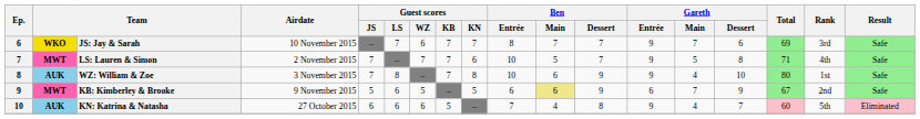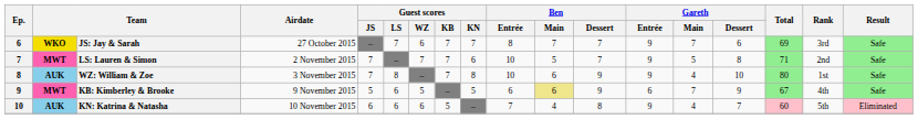 <table class="wikitable" style="text-align: center; font-size: 9pt; line-height:16px; width:100%">
 <tr>
 <th scope="col" rowspan="2">Ep.</th>
 <th colspan="2" rowspan="2">Team</th>
 <th scope="col" rowspan="2">Airdate</th>
 <th colspan="5" scope="col">Guest scores</th>
 <th scope="col" colspan="3"><a href='#'>Ben</a></th>
 <th scope="col" colspan="3"><a href='#'>Gareth</a></th>
 <th scope="col" rowspan="2">Total<br><small></small></th>
 <th rowspan="2">Rank</th>
 <th scope="col" rowspan="2">Result</th>
 </tr>
 <tr>
 <th scope="col" style="width:2.5em;">JS</th>
 <th scope="col" style="width:2.5em;">LS</th>
 <th scope="col" style="width:2.5em;">WZ</th>
 <th scope="col" style="width:2.5em;">KB</th>
 <th scope="col" style="width:2.5em;">KN</th>
 <th scope="col">Entrée</th>
 <th scope="col">Main</th>
 <th scope="col">Dessert</th>
 <th scope="col">Entrée</th>
 <th scope="col">Main</th>
 <th scope="col">Dessert</th>
 </tr>
 <tr>
 <th>6</th>
 <th scope="row" align="left" style='background:#F4DE00;'>WKO</th>
 <th scope="row" style="text-align:left;">JS: Jay & Sarah</th>
-<td style="text-align:right;">10 November 2015</td>
+<td style="text-align:right;">27 October 2015</td>
 <td bgcolor="808080">–</td>
 <td>7</td>
 <td>6</td>
 <td>7</td>
 <td>7</td>
 <td>8</td>
 <td>7</td>
 <td>7</td>
 <td>9</td>
 <td>7</td>
 <td>6</td>
 <td bgcolor="lightgreen">69</td>
 <td>3rd</td>
 <td bgcolor="lightgreen">Safe</td>
 </tr>
 <tr>
 <th>7</th>
 <th scope="row" align="left" style="background:#FF61B1;">MWT</th>
 <th scope="row" style="text-align:left;">LS: Lauren & Simon</th>
 <td style="text-align:right;">2 November 2015</td>
 <td>7</td>
 <td bgcolor="808080">–</td>
 <td>7</td>
 <td>7</td>
 <td>6</td>
 <td>10</td>
 <td>5</td>
 <td>7</td>
 <td>9</td>
 <td>5</td>
 <td>8</td>
 <td bgcolor="lightgreen">71</td>
-<td>4th</td>
+<td>2nd</td>
 <td bgcolor="lightgreen">Safe</td>
 </tr>
 <tr>
 <th>8</th>
 <th scope="row" align="left" style="background-color:skyblue;">AUK</th>
 <th scope="row" style="text-align:left;">WZ: William & Zoe</th>
 <td style="text-align:right;">3 November 2015</td>
 <td>7</td>
 <td>8</td>
 <td bgcolor="808080">–</td>
 <td>7</td>
 <td>8</td>
 <td>10</td>
 <td>6</td>
 <td>9</td>
 <td>9</td>
 <td>4</td>
 <td>10</td>
 <td bgcolor="lightgreen">80</td>
 <td>1st</td>
 <td bgcolor="lightgreen">Safe</td>
 </tr>
 <tr>
 <th>9</th>
 <th scope="row" align="left" style="background:#FF61B1;">MWT</th>
 <th scope="row" style="text-align:left;">KB: Kimberley & Brooke</th>
 <td style="text-align:right;">9 November 2015</td>
 <td>5</td>
 <td>6</td>
 <td>5</td>
 <td bgcolor="808080">–</td>
 <td>5</td>
 <td>6</td>
 <td style="background: khaki;">6</td>
 <td>9</td>
 <td>6</td>
 <td>7</td>
 <td>9</td>
 <td bgcolor="lightgreen">67</td>
-<td>2nd</td>
+<td>4th</td>
 <td bgcolor="lightgreen">Safe</td>
 </tr>
 <tr>
 <th>10</th>
 <th scope="row" align="left" style="background-color:skyblue;">AUK</th>
 <th scope="row" style="text-align:left;">KN: Katrina &  Natasha</th>
-<td style="text-align:right;">27 October 2015</td>
+<td style="text-align:right;">10 November 2015</td>
 <td>6</td>
 <td>6</td>
 <td>6</td>
 <td>5</td>
 <td bgcolor="808080">–</td>
 <td>7</td>
 <td>4</td>
 <td>8</td>
 <td>9</td>
 <td>4</td>
 <td>7</td>
 <td bgcolor="pink">60</td>
 <td>5th</td>
 <td bgcolor="pink">Eliminated </td>
 </tr>
 <tr>
 </tr>
 </table>
